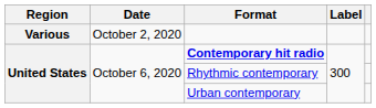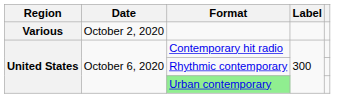 <table class="wikitable plainrowheaders">
 <tr>
 <th scope="col">Region</th>
 <th scope="col">Date</th>
 <th scope="col">Format</th>
 <th scope="col">Label</th>
 <th scope="col"></th>
 </tr>
 <tr>
 <th scope="row">Various</th>
 <td>October 2, 2020</td>
 <td></td>
 <td></td>
 <td></td>
 </tr>
 <tr>
 <th scope="row" rowspan="3">United States</th>
 <td rowspan="3">October 6, 2020</td>
-<td><strong><a href='#'>Contemporary hit radio</a></strong></td>
+<td><a href='#'>Contemporary hit radio</a></td>
 <td rowspan="3">300</td>
 <td></td>
 </tr>
 <tr>
 <td><a href='#'>Rhythmic contemporary</a></td>
 <td></td>
 </tr>
 <tr>
-<td><a href='#'>Urban contemporary</a></td>
+<td style="background: lightgreen;"><a href='#'>Urban contemporary</a></td>
 <td></td>
 </tr>
 </table>
